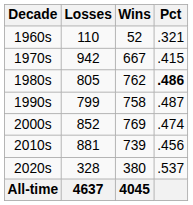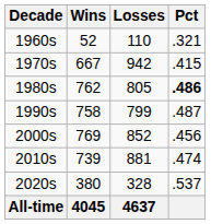 <table class="wikitable" style="text-align:center">
 <tr>
 <th style="text-align:center; ">Decade</th>
+<th style="text-align:center; ">Wins</th>
 <th style="text-align:center; ">Losses</th>
-<th style="text-align:center; ">Wins</th>
 <th style="text-align:center; ">Pct</th>
 </tr>
 <tr>
 <td>1960s</td>
+<td>52</td>
 <td>110</td>
-<td>52</td>
 <td>.321</td>
 </tr>
 <tr>
 <td>1970s</td>
+<td>667</td>
 <td>942</td>
-<td>667</td>
 <td>.415</td>
 </tr>
 <tr>
 <td>1980s</td>
+<td>762</td>
 <td>805</td>
-<td>762</td>
 <td><strong>.486</strong></td>
 </tr>
 <tr>
 <td>1990s</td>
+<td>758</td>
 <td>799</td>
-<td>758</td>
 <td>.487</td>
 </tr>
 <tr>
 <td>2000s</td>
+<td>769</td>
 <td>852</td>
-<td>769</td>
+<td>.456</td>
+</tr>
+<tr>
+<td>2010s</td>
+<td>739</td>
+<td>881</td>
 <td>.474</td>
 </tr>
 <tr>
-<td>2010s</td>
-<td>881</td>
-<td>739</td>
-<td>.456</td>
-</tr>
-<tr>
 <td>2020s</td>
+<td>380</td>
 <td>328</td>
-<td>380</td>
 <td>.537</td>
 </tr>
 <tr style="background:#f0f0f0; font-weight:bold">
 <th style="text-align:center; ">All-time</th>
+<th style="text-align:center; ">4045</th>
 <th style="text-align:center; ">4637</th>
-<th style="text-align:center; ">4045</th>
 <th style="text-align:center; "></th>
 </tr>
 </table>
